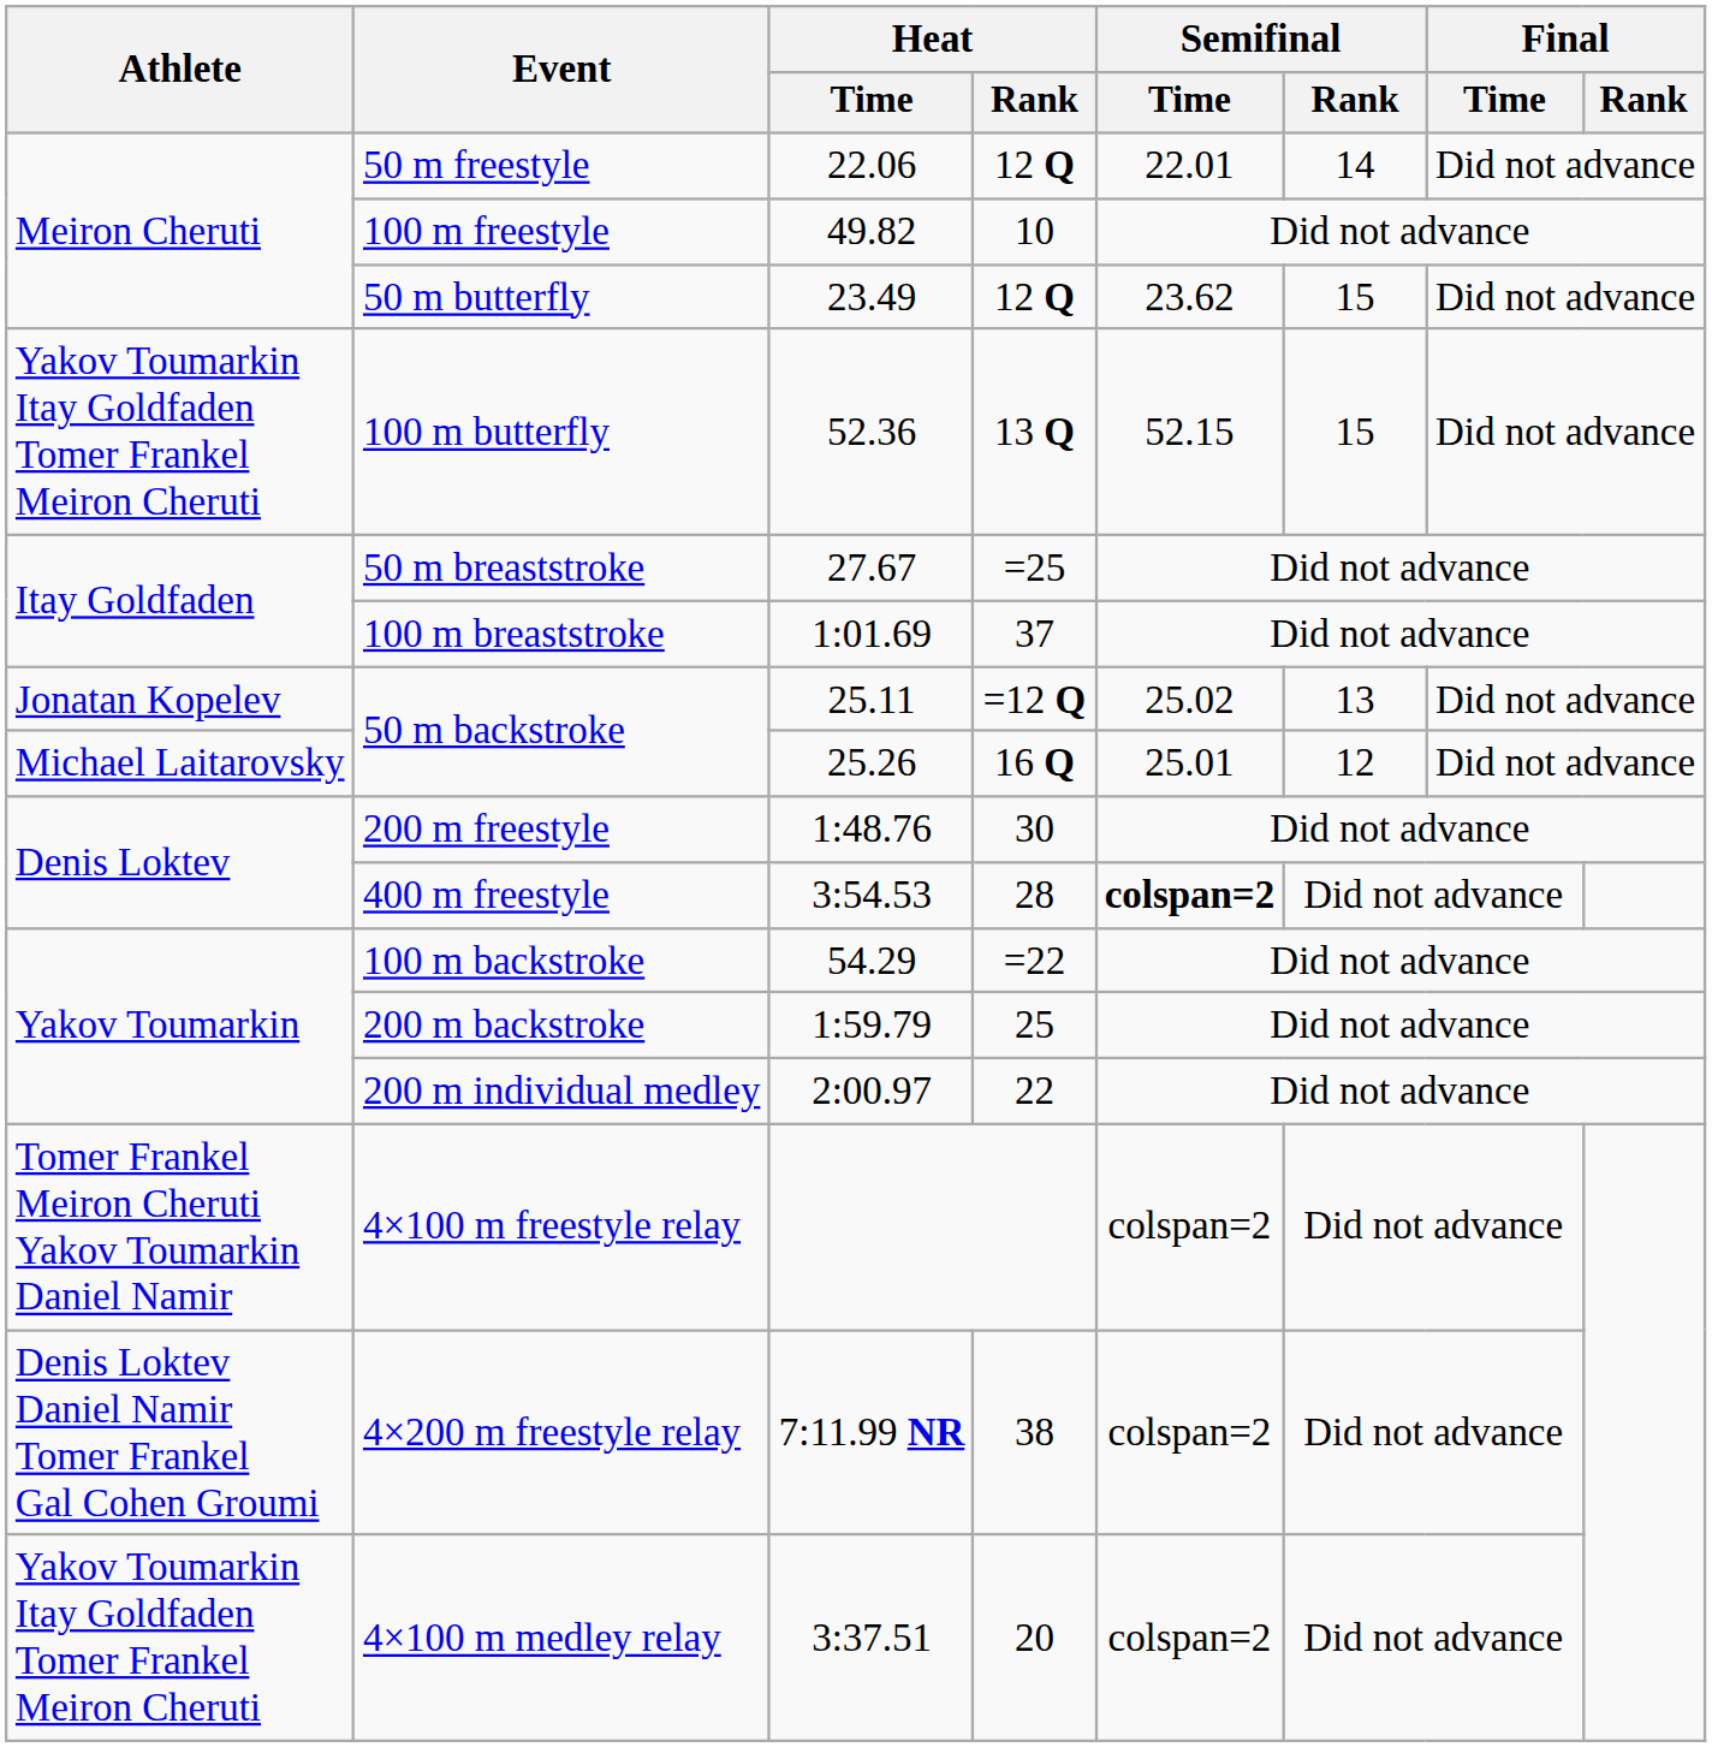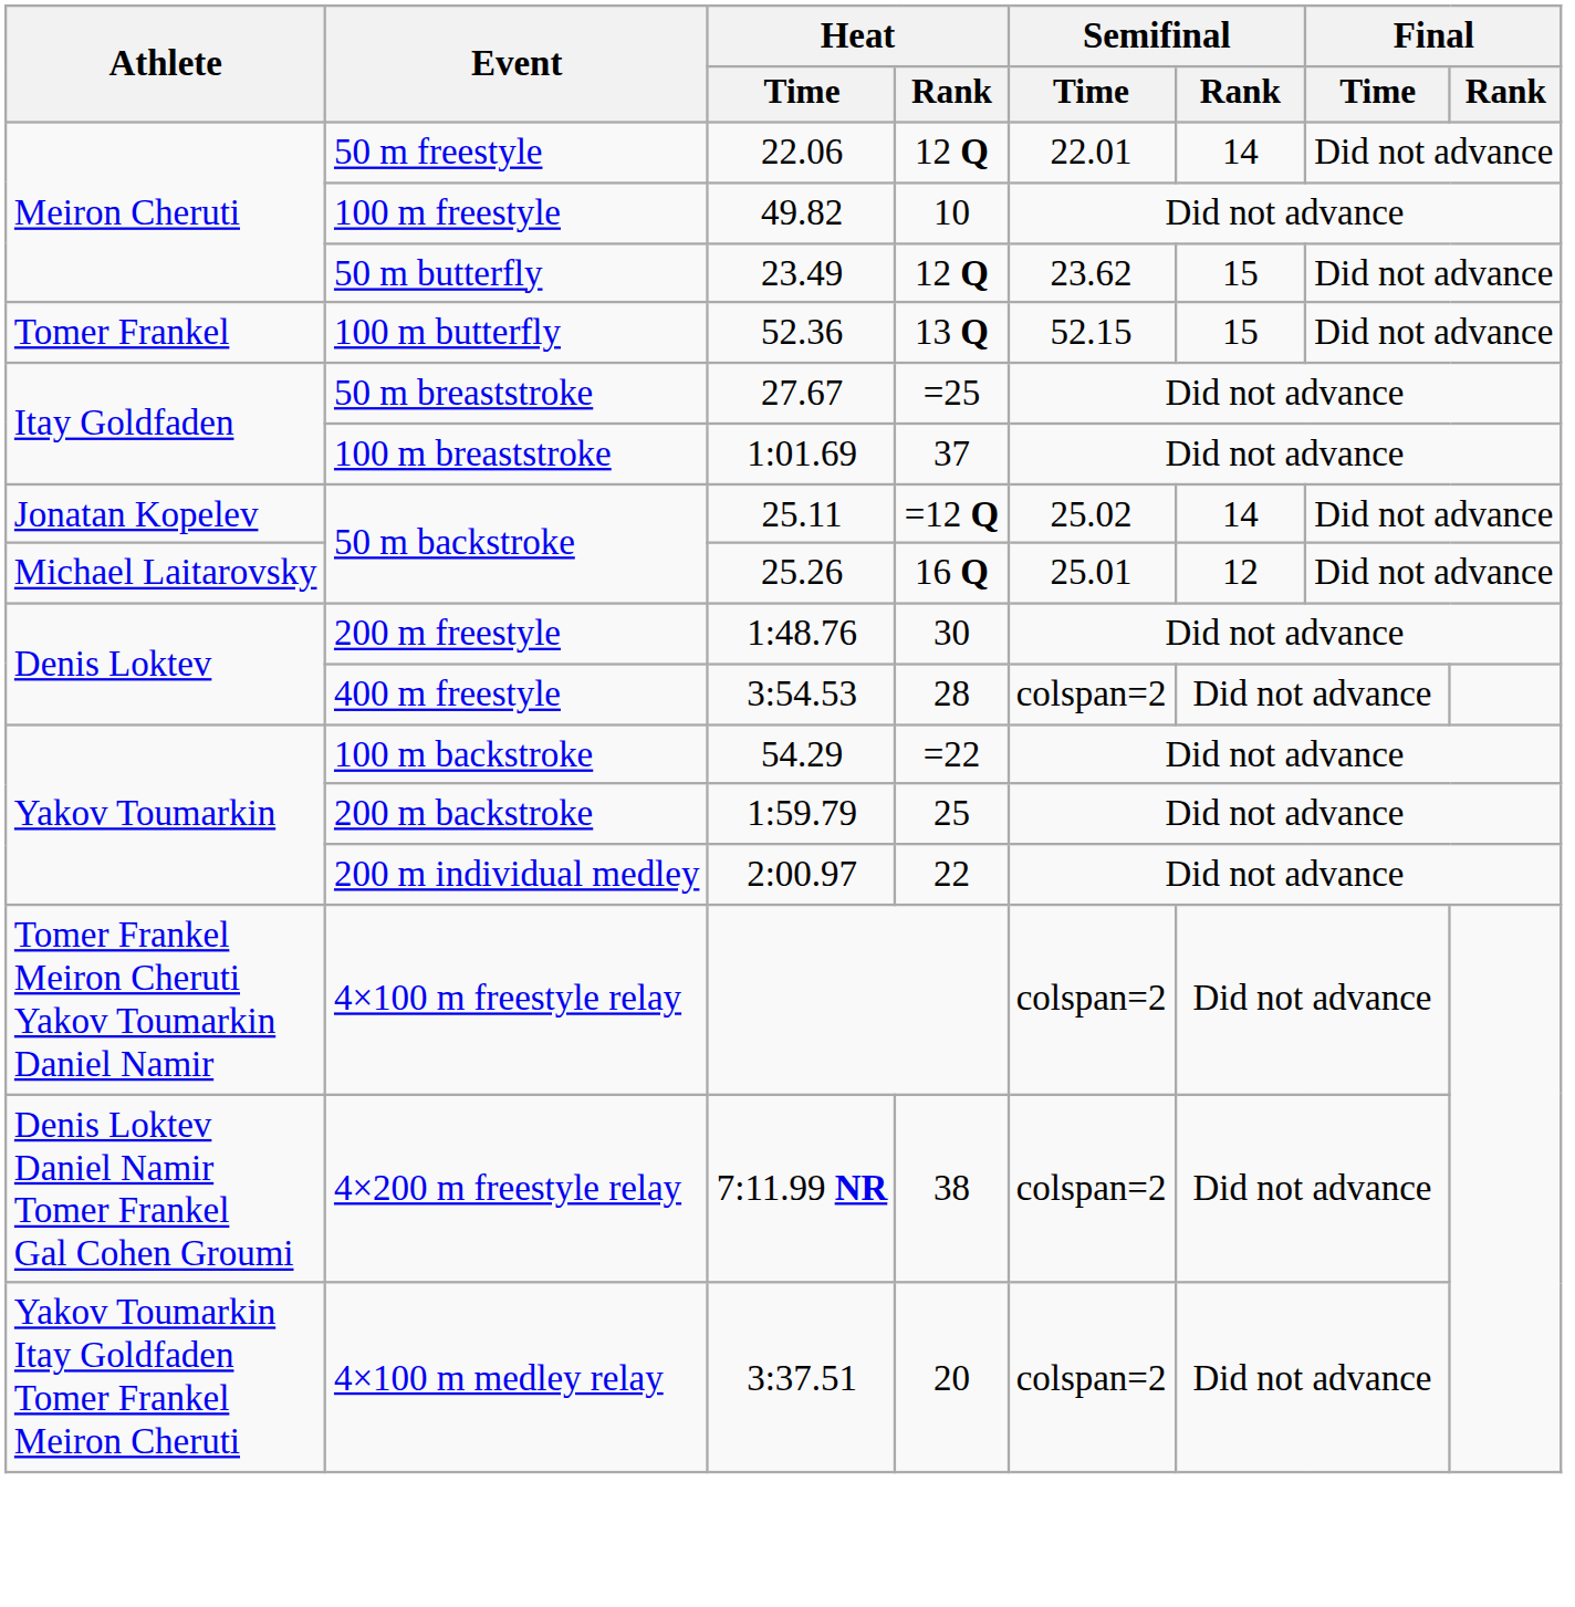 <table class="wikitable" style="text-align:center; font-size:90%">
 <tr>
 <th rowspan="2">Athlete</th>
 <th rowspan="2">Event</th>
 <th colspan="2">Heat</th>
 <th colspan="2">Semifinal</th>
 <th colspan="2">Final</th>
 </tr>
 <tr style="font-size:95%">
 <th>Time</th>
 <th>Rank</th>
 <th>Time</th>
 <th>Rank</th>
 <th>Time</th>
 <th>Rank</th>
 </tr>
 <tr>
 <td align=left rowspan=3><a href='#'>Meiron Cheruti</a></td>
 <td align=left><a href='#'>50 m freestyle</a></td>
 <td>22.06</td>
 <td>12 <strong>Q</strong></td>
 <td>22.01</td>
 <td>14</td>
 <td colspan=2>Did not advance</td>
 </tr>
 <tr>
 <td align=left><a href='#'>100 m freestyle</a></td>
 <td>49.82</td>
 <td>10</td>
 <td colspan=4>Did not advance</td>
 </tr>
 <tr>
 <td align=left><a href='#'>50 m butterfly</a></td>
 <td>23.49</td>
 <td>12 <strong>Q</strong></td>
 <td>23.62</td>
 <td>15</td>
 <td colspan=2>Did not advance</td>
 </tr>
 <tr>
-<td align=left><a href='#'>Yakov Toumarkin</a><br><a href='#'>Itay Goldfaden</a><br><a href='#'>Tomer Frankel</a><br><a href='#'>Meiron Cheruti</a></td>
+<td align=left><a href='#'>Tomer Frankel</a></td>
 <td align=left><a href='#'>100 m butterfly</a></td>
 <td>52.36</td>
 <td>13 <strong>Q</strong></td>
 <td>52.15</td>
 <td>15</td>
 <td colspan=2>Did not advance</td>
 </tr>
 <tr>
 <td align=left rowspan=2><a href='#'>Itay Goldfaden</a></td>
 <td align=left><a href='#'>50 m breaststroke</a></td>
 <td>27.67</td>
 <td>=25</td>
 <td colspan=4>Did not advance</td>
 </tr>
 <tr>
 <td align=left><a href='#'>100 m breaststroke</a></td>
 <td>1:01.69</td>
 <td>37</td>
 <td colspan=4>Did not advance</td>
 </tr>
 <tr>
 <td align=left><a href='#'>Jonatan Kopelev</a></td>
 <td align=left rowspan=2><a href='#'>50 m backstroke</a></td>
 <td>25.11</td>
 <td>=12 <strong>Q</strong></td>
 <td>25.02</td>
-<td>13</td>
+<td>14</td>
 <td colspan=2>Did not advance</td>
 </tr>
 <tr>
 <td align=left><a href='#'>Michael Laitarovsky</a></td>
 <td>25.26</td>
 <td>16 <strong>Q</strong></td>
 <td>25.01</td>
 <td>12</td>
 <td colspan=2>Did not advance</td>
 </tr>
 <tr>
 <td align=left rowspan=2><a href='#'>Denis Loktev</a></td>
 <td align=left><a href='#'>200 m freestyle</a></td>
 <td>1:48.76</td>
 <td>30</td>
 <td colspan=4>Did not advance</td>
 </tr>
 <tr>
 <td align=left><a href='#'>400 m freestyle</a></td>
 <td>3:54.53</td>
 <td>28</td>
-<td><strong>colspan=2 </strong></td>
+<td>colspan=2 </td>
 <td colspan=2>Did not advance</td>
 </tr>
 <tr>
 <td align=left rowspan=3><a href='#'>Yakov Toumarkin</a></td>
 <td align=left><a href='#'>100 m backstroke</a></td>
 <td>54.29</td>
 <td>=22</td>
 <td colspan=4>Did not advance</td>
 </tr>
 <tr>
 <td align=left><a href='#'>200 m backstroke</a></td>
 <td>1:59.79</td>
 <td>25</td>
 <td colspan=4>Did not advance</td>
 </tr>
 <tr>
 <td align=left><a href='#'>200 m individual medley</a></td>
 <td>2:00.97</td>
 <td>22</td>
 <td colspan=4>Did not advance</td>
 </tr>
 <tr>
 <td align=left><a href='#'>Tomer Frankel</a><br><a href='#'>Meiron Cheruti</a> <br><a href='#'>Yakov Toumarkin</a><br><a href='#'>Daniel Namir</a></td>
 <td align=left><a href='#'>4×100 m freestyle relay</a></td>
 <td colspan=2></td>
 <td>colspan=2 </td>
 <td colspan=2>Did not advance</td>
 </tr>
 <tr>
 <td align=left><a href='#'>Denis Loktev</a><br><a href='#'>Daniel Namir</a><br><a href='#'>Tomer Frankel</a><br><a href='#'>Gal Cohen Groumi</a></td>
 <td align=left><a href='#'>4×200 m freestyle relay</a></td>
 <td>7:11.99 <strong><a href='#'>NR</a></strong></td>
 <td>38</td>
 <td>colspan=2 </td>
 <td colspan=2>Did not advance</td>
 </tr>
 <tr>
 <td align=left><a href='#'>Yakov Toumarkin</a><br><a href='#'>Itay Goldfaden</a><br><a href='#'>Tomer Frankel</a><br><a href='#'>Meiron Cheruti</a></td>
 <td align=left><a href='#'>4×100 m medley relay</a></td>
 <td>3:37.51</td>
 <td>20</td>
 <td>colspan=2 </td>
 <td colspan=2>Did not advance</td>
 </tr>
 </table>
